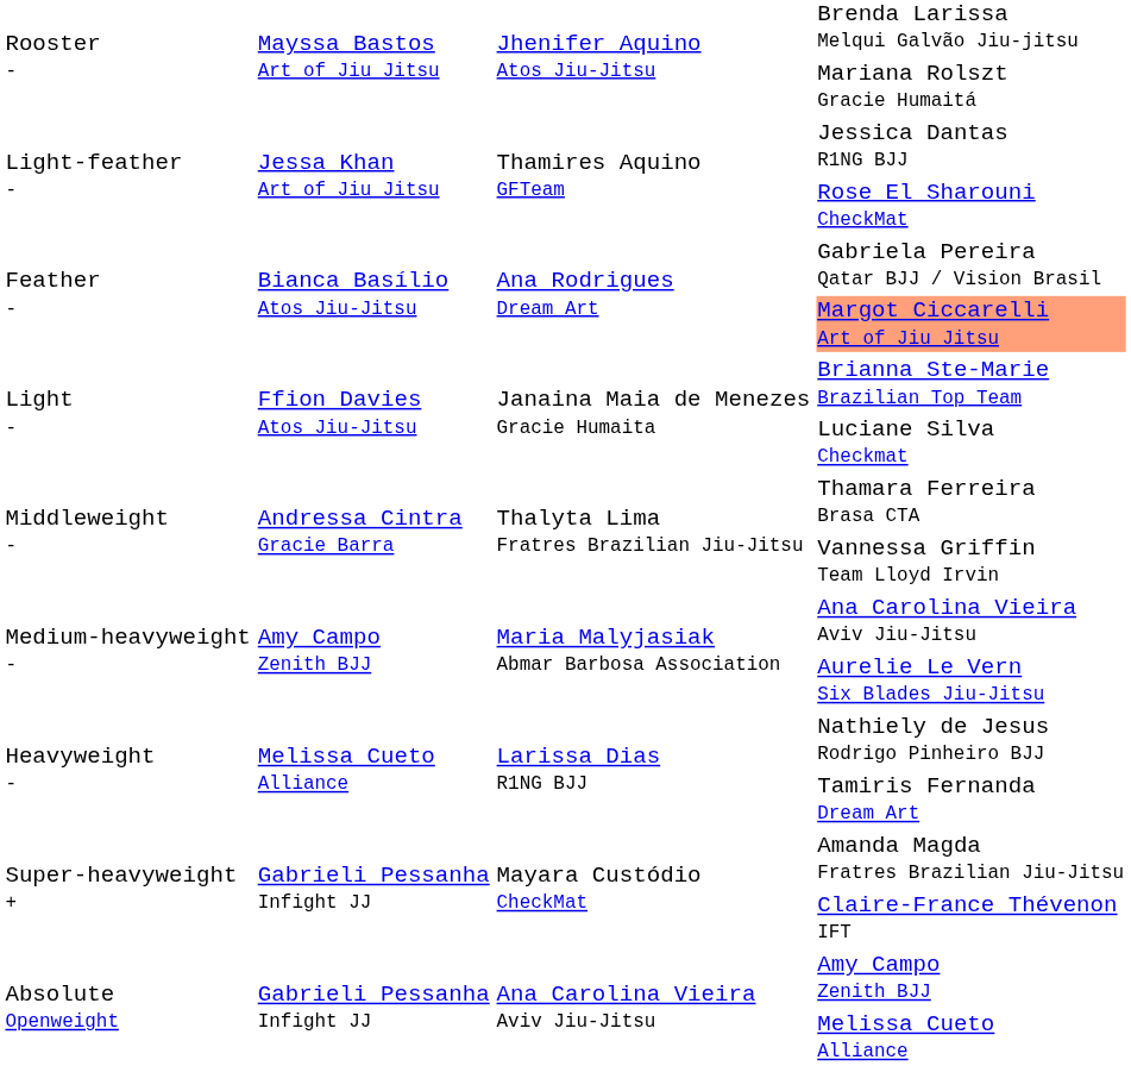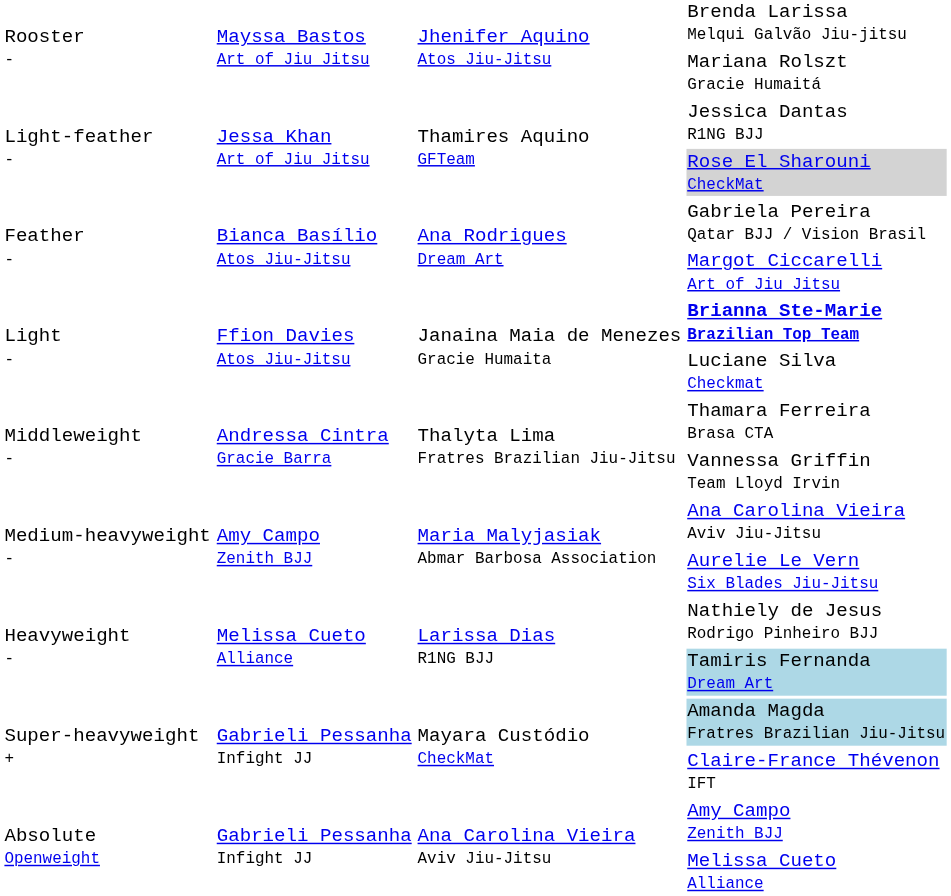 <table>
 <tr>
 <td rowspan=2>Rooster<br><small>-</small></td>
 <td rowspan=2> <a href='#'>Mayssa Bastos</a><br><small><a href='#'>Art of Jiu Jitsu</a></small></td>
 <td rowspan=2> <a href='#'>Jhenifer Aquino</a><br><small><a href='#'>Atos Jiu-Jitsu</a></small></td>
 <td> Brenda Larissa<br><small>Melqui Galvão Jiu-jitsu</small></td>
 </tr>
 <tr>
 <td> Mariana Rolszt<br><small>Gracie Humaitá</small></td>
 </tr>
 <tr>
 <td rowspan=2>Light-feather<br><small>-</small></td>
 <td rowspan=2> <a href='#'>Jessa Khan</a><br><small><a href='#'>Art of Jiu Jitsu</a></small></td>
 <td rowspan=2> Thamires Aquino <br><small><a href='#'>GFTeam</a></small></td>
 <td> Jessica Dantas<br><small>R1NG BJJ</small></td>
 </tr>
 <tr>
-<td> <a href='#'>Rose El Sharouni</a><br><small><a href='#'>CheckMat</a></small></td>
+<td style="background: lightgrey;"> <a href='#'>Rose El Sharouni</a><br><small><a href='#'>CheckMat</a></small></td>
 </tr>
 <tr>
 <td rowspan=2>Feather<br><small>-</small></td>
 <td rowspan=2> <a href='#'>Bianca Basílio</a><br><small><a href='#'>Atos Jiu-Jitsu</a></small></td>
 <td rowspan=2> <a href='#'>Ana Rodrigues</a><br><small><a href='#'>Dream Art</a></small></td>
 <td> Gabriela Pereira<br><small>Qatar BJJ / Vision Brasil</small></td>
 </tr>
 <tr>
-<td style="background: lightsalmon;"> <a href='#'>Margot Ciccarelli</a><br><small><a href='#'>Art of Jiu Jitsu</a></small></td>
+<td> <a href='#'>Margot Ciccarelli</a><br><small><a href='#'>Art of Jiu Jitsu</a></small></td>
 </tr>
 <tr>
 <td rowspan=2>Light<br><small>-</small></td>
 <td rowspan=2> <a href='#'>Ffion Davies</a><br><small><a href='#'>Atos Jiu-Jitsu</a></small></td>
 <td rowspan=2> Janaina Maia de Menezes<br><small>Gracie Humaita</small></td>
-<td> <a href='#'>Brianna Ste-Marie</a><br><small><a href='#'>Brazilian Top Team</a></small></td>
+<td><strong> <a href='#'>Brianna Ste-Marie</a><br><small><a href='#'>Brazilian Top Team</a></small></strong></td>
 </tr>
 <tr>
 <td> Luciane Silva<br><small><a href='#'>Checkmat</a></small></td>
 </tr>
 <tr>
 <td rowspan=2>Middleweight<br><small>-</small></td>
 <td rowspan=2> <a href='#'>Andressa Cintra</a><br><small><a href='#'>Gracie Barra</a></small></td>
 <td rowspan=2> Thalyta Lima <br><small>Fratres Brazilian Jiu-Jitsu</small></td>
 <td> Thamara Ferreira<br><small>Brasa CTA</small></td>
 </tr>
 <tr>
 <td> Vannessa Griffin<br><small>Team Lloyd Irvin</small></td>
 </tr>
 <tr>
 <td rowspan=2>Medium-heavyweight<br><small>-</small></td>
 <td rowspan=2> <a href='#'>Amy Campo</a><br><small><a href='#'>Zenith BJJ</a></small></td>
 <td rowspan=2> <a href='#'>Maria Malyjasiak</a><br><small>Abmar Barbosa Association</small></td>
 <td> <a href='#'>Ana Carolina Vieira</a><br><small>Aviv Jiu-Jitsu</small></td>
 </tr>
 <tr>
 <td> <a href='#'>Aurelie Le Vern</a><br><small><a href='#'>Six Blades Jiu-Jitsu</a></small></td>
 </tr>
 <tr>
 <td rowspan=2>Heavyweight<br><small>-</small></td>
 <td rowspan=2> <a href='#'>Melissa Cueto</a><br><small><a href='#'>Alliance</a></small></td>
 <td rowspan=2> <a href='#'>Larissa Dias</a><br><small>R1NG BJJ</small></td>
 <td> Nathiely de Jesus<br><small>Rodrigo Pinheiro BJJ</small></td>
 </tr>
 <tr>
-<td> Tamiris Fernanda<br><small><a href='#'>Dream Art</a></small></td>
+<td style="background: lightblue;"> Tamiris Fernanda<br><small><a href='#'>Dream Art</a></small></td>
 </tr>
 <tr>
 <td rowspan=2>Super-heavyweight<br><small>+</small></td>
 <td rowspan=2> <a href='#'>Gabrieli Pessanha</a><br><small>Infight JJ</small></td>
 <td rowspan=2> Mayara Custódio<br><small><a href='#'>CheckMat</a></small></td>
-<td> Amanda Magda<br><small>Fratres Brazilian Jiu-Jitsu</small></td>
+<td style="background: lightblue;"> Amanda Magda<br><small>Fratres Brazilian Jiu-Jitsu</small></td>
 </tr>
 <tr>
 <td> <a href='#'>Claire-France Thévenon</a><br><small>IFT</small></td>
 </tr>
 <tr>
 <td rowspan=2>Absolute<br><small><a href='#'>Openweight</a></small></td>
 <td rowspan=2> <a href='#'>Gabrieli Pessanha</a><br><small>Infight JJ</small></td>
 <td rowspan=2> <a href='#'>Ana Carolina Vieira</a><br><small>Aviv Jiu-Jitsu</small></td>
 <td> <a href='#'>Amy Campo</a><br><small><a href='#'>Zenith BJJ</a></small></td>
 </tr>
 <tr>
 <td> <a href='#'>Melissa Cueto</a><br><small><a href='#'>Alliance</a></small></td>
 </tr>
 <tr>
 </tr>
 </table>
